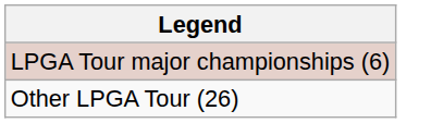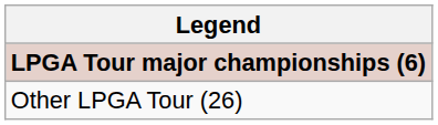 <table class="wikitable" style="font-size:95%;">
 <tr>
 <th>Legend</th>
 </tr>
 <tr style="background:#e5d1cb;">
-<td>LPGA Tour major championships (6)</td>
+<td><strong>LPGA Tour major championships (6)</strong></td>
 </tr>
 <tr>
 <td>Other LPGA Tour (26)</td>
 </tr>
 </table>
